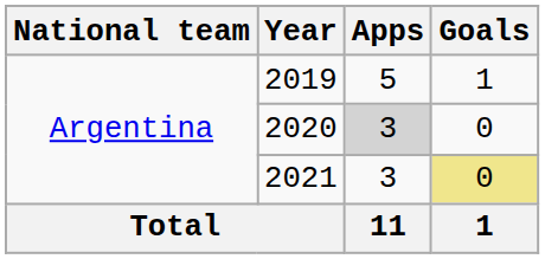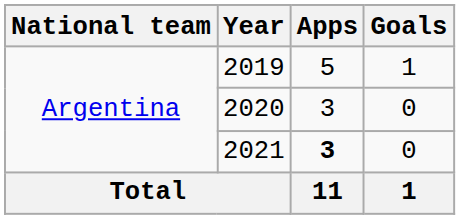 <table class="wikitable" style="text-align:center">
 <tr>
 <th>National team</th>
 <th>Year</th>
 <th>Apps</th>
 <th>Goals</th>
 </tr>
 <tr>
 <td rowspan="3"><a href='#'>Argentina</a></td>
 <td>2019</td>
 <td>5</td>
 <td>1</td>
 </tr>
 <tr>
 <td>2020</td>
-<td style="background: lightgrey;">3</td>
+<td>3</td>
 <td>0</td>
 </tr>
 <tr>
 <td>2021</td>
-<td>3</td>
-<td style="background: khaki;">0</td>
+<td><strong>3</strong></td>
+<td>0</td>
 </tr>
 <tr>
 <th colspan="2">Total</th>
 <th>11</th>
 <th>1</th>
 </tr>
 </table>
